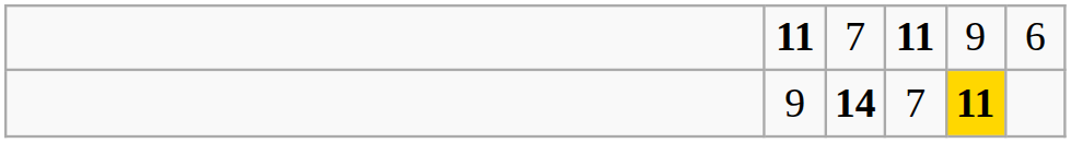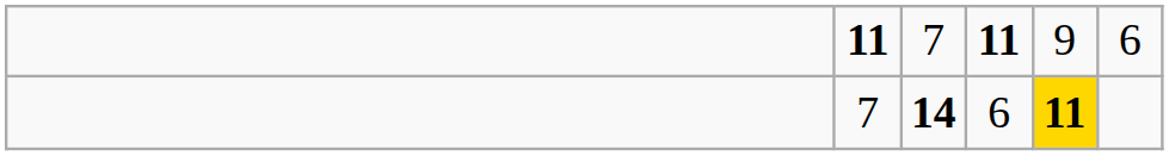 <table class="wikitable">
 <tr>
 <td style="width:18em"></td>
 <td align=center style="width:1em"><strong>11</strong></td>
 <td align=center style="width:1em">7</td>
 <td align=center style="width:1em"><strong>11</strong></td>
 <td align=center style="width:1em">9</td>
 <td align=center style="width:1em">6</td>
 </tr>
 <tr>
 <td style="width:18em"></td>
-<td align=center style="width:1em">9</td>
+<td align=center style="width:1em">7</td>
 <td align=center style="width:1em"><strong>14</strong></td>
-<td align=center style="width:1em">7</td>
+<td align=center style="width:1em">6</td>
 <td align=center style="background: gold; width:1em"><strong>11</strong></td>
 <td align=center style="width:1em"></td>
 </tr>
 </table>
